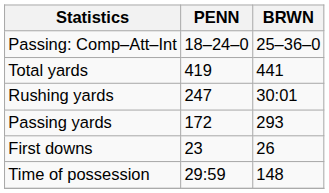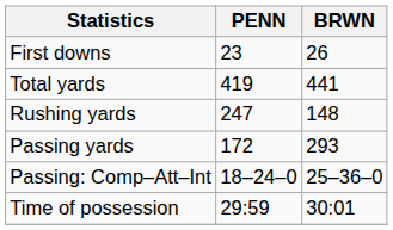 <table class="wikitable" style="float: left;">
 <tr>
 <th>Statistics</th>
 <th>PENN</th>
 <th>BRWN</th>
 </tr>
 <tr>
-<td>Passing: Comp–Att–Int</td>
-<td>18–24–0</td>
-<td>25–36–0</td>
+<td>First downs</td>
+<td>23</td>
+<td>26</td>
 </tr>
 <tr>
 <td>Total yards</td>
 <td>419</td>
 <td>441</td>
 </tr>
 <tr>
 <td>Rushing yards</td>
 <td>247</td>
-<td>30:01</td>
+<td>148</td>
 </tr>
 <tr>
 <td>Passing yards</td>
 <td>172</td>
 <td>293</td>
 </tr>
 <tr>
-<td>First downs</td>
-<td>23</td>
-<td>26</td>
+<td>Passing: Comp–Att–Int</td>
+<td>18–24–0</td>
+<td>25–36–0</td>
 </tr>
 <tr>
 <td>Time of possession</td>
 <td>29:59</td>
-<td>148</td>
+<td>30:01</td>
 </tr>
 <tr>
 </tr>
 </table>
